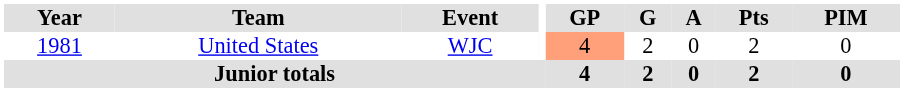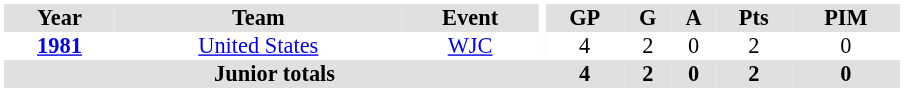 <table border="0" cellpadding="1" cellspacing="0" ID="Table3" style="text-align:center; width:40em">
 <tr bgcolor="#e0e0e0">
 <th>Year</th>
 <th>Team</th>
 <th>Event</th>
 <th rowspan="102" bgcolor="#ffffff"></th>
 <th>GP</th>
 <th>G</th>
 <th>A</th>
 <th>Pts</th>
 <th>PIM</th>
 </tr>
 <tr>
-<td><a href='#'>1981</a></td>
+<td><strong><a href='#'>1981</a></strong></td>
 <td><a href='#'>United States</a></td>
 <td><a href='#'>WJC</a></td>
-<td style="background: lightsalmon;">4</td>
+<td>4</td>
 <td>2</td>
 <td>0</td>
 <td>2</td>
 <td>0</td>
 </tr>
 <tr bgcolor="#e0e0e0">
 <th colspan="4">Junior totals</th>
 <th>4</th>
 <th>2</th>
 <th>0</th>
 <th>2</th>
 <th>0</th>
 </tr>
 </table>
